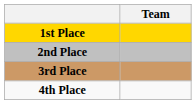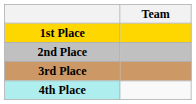 <table class="wikitable" style="text-align:center" width=250px>
 <tr>
 <th></th>
 <th>Team</th>
 </tr>
 <tr bgcolor="gold">
 <td><strong>1st Place</strong></td>
 <td align="left"></td>
 </tr>
 <tr bgcolor="silver">
 <td><strong>2nd Place</strong></td>
 <td align="left"></td>
 </tr>
 <tr bgcolor="#CC9966">
 <td><strong>3rd Place</strong></td>
 <td align="left"></td>
 </tr>
 <tr>
-<td><strong>4th Place</strong></td>
+<td style="background: paleturquoise;"><strong>4th Place</strong></td>
 <td align="left"></td>
 </tr>
 </table>
